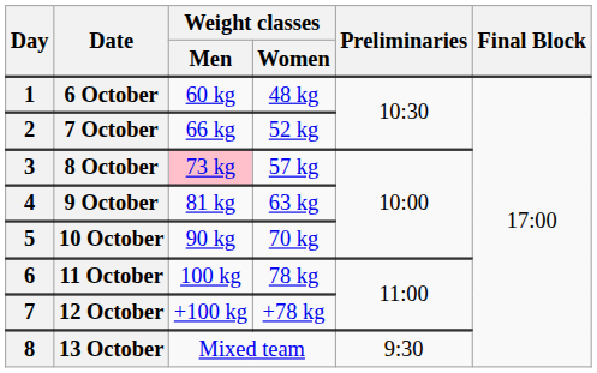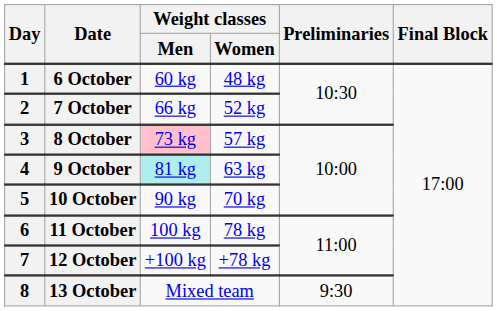 <table class=wikitable style="text-align:center;">
 <tr>
 <th rowspan=2>Day</th>
 <th rowspan=2>Date</th>
 <th colspan=2>Weight classes</th>
 <th rowspan=2>Preliminaries</th>
 <th rowspan=2>Final Block</th>
 </tr>
 <tr>
 <th>Men</th>
 <th>Women</th>
 </tr>
 <tr style="border-top: 2px solid #333333;">
 <th>1</th>
 <th>6 October</th>
 <td><a href='#'>60 kg</a></td>
 <td><a href='#'>48 kg</a></td>
 <td rowspan=2>10:30</td>
 <td rowspan=8>17:00</td>
 </tr>
 <tr style="border-top: 2px solid #333333;">
 <th>2</th>
 <th>7 October</th>
 <td><a href='#'>66 kg</a></td>
 <td><a href='#'>52 kg</a></td>
 </tr>
 <tr style="border-top: 2px solid #333333;">
 <th>3</th>
 <th>8 October</th>
 <td style="background: pink;"><a href='#'>73 kg</a></td>
 <td><a href='#'>57 kg</a></td>
 <td rowspan=3>10:00</td>
 </tr>
 <tr style="border-top: 2px solid #333333;">
 <th>4</th>
 <th>9 October</th>
-<td><a href='#'>81 kg</a></td>
+<td style="background: paleturquoise;"><a href='#'>81 kg</a></td>
 <td><a href='#'>63 kg</a></td>
 </tr>
 <tr style="border-top: 2px solid #333333;">
 <th>5</th>
 <th>10 October</th>
 <td><a href='#'>90 kg</a></td>
 <td><a href='#'>70 kg</a></td>
 </tr>
 <tr style="border-top: 2px solid #333333;">
 <th>6</th>
 <th>11 October</th>
 <td><a href='#'>100 kg</a></td>
 <td><a href='#'>78 kg</a></td>
 <td rowspan=2>11:00</td>
 </tr>
 <tr style="border-top: 2px solid #333333;">
 <th>7</th>
 <th>12 October</th>
 <td><a href='#'>+100 kg</a></td>
 <td><a href='#'>+78 kg</a></td>
 </tr>
 <tr style="border-top: 2px solid #333333;">
 <th>8</th>
 <th>13 October</th>
 <td align=center colspan=2><a href='#'>Mixed team</a></td>
 <td>9:30</td>
 </tr>
 </table>
